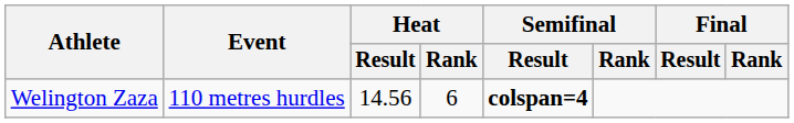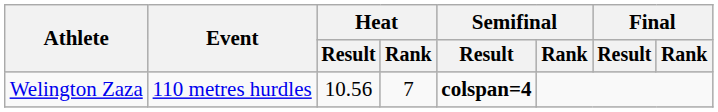 <table class="wikitable" style="font-size:90%">
 <tr>
 <th rowspan="2">Athlete</th>
 <th rowspan="2">Event</th>
 <th colspan="2">Heat</th>
 <th colspan="2">Semifinal</th>
 <th colspan="2">Final</th>
 </tr>
 <tr style="font-size:95%">
 <th>Result</th>
 <th>Rank</th>
 <th>Result</th>
 <th>Rank</th>
 <th>Result</th>
 <th>Rank</th>
 </tr>
 <tr style=text-align:center>
 <td style=text-align:left><a href='#'>Welington Zaza</a></td>
 <td style=text-align:left><a href='#'>110 metres hurdles</a></td>
-<td>14.56</td>
-<td>6</td>
+<td>10.56</td>
+<td>7</td>
 <td><strong>colspan=4 </strong></td>
 </tr>
 </table>
